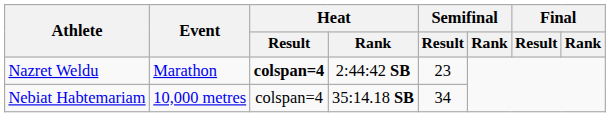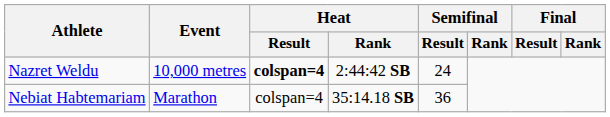 <table class="wikitable" style="font-size:90%">
 <tr>
 <th rowspan="2">Athlete</th>
 <th rowspan="2">Event</th>
 <th colspan="2">Heat</th>
 <th colspan="2">Semifinal</th>
 <th colspan="2">Final</th>
 </tr>
 <tr style="font-size:95%">
 <th>Result</th>
 <th>Rank</th>
 <th>Result</th>
 <th>Rank</th>
 <th>Result</th>
 <th>Rank</th>
 </tr>
 <tr style=text-align:center>
 <td style=text-align:left><a href='#'>Nazret Weldu</a></td>
-<td style=text-align:left><a href='#'>Marathon</a></td>
+<td style=text-align:left><a href='#'>10,000 metres</a></td>
 <td><strong>colspan=4 </strong></td>
 <td>2:44:42 <strong>SB</strong></td>
-<td>23</td>
+<td>24</td>
 </tr>
 <tr style=text-align:center>
 <td style=text-align:left><a href='#'>Nebiat Habtemariam</a></td>
-<td style=text-align:left><a href='#'>10,000 metres</a></td>
+<td style=text-align:left><a href='#'>Marathon</a></td>
 <td>colspan=4 </td>
 <td>35:14.18 <strong>SB</strong></td>
-<td>34</td>
+<td>36</td>
 </tr>
 </table>
